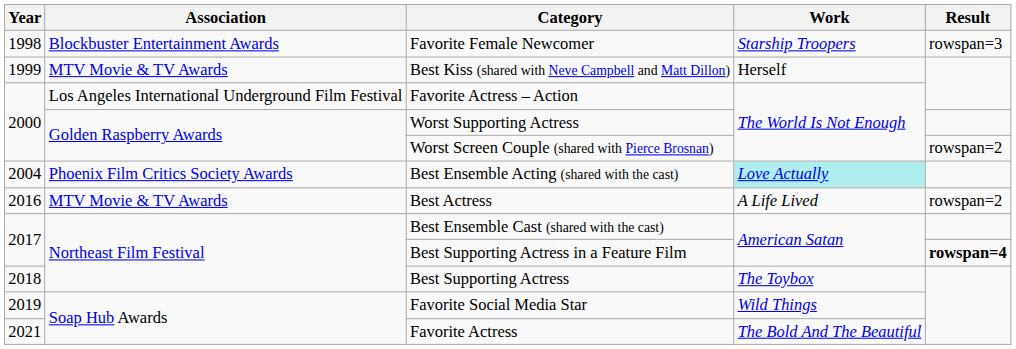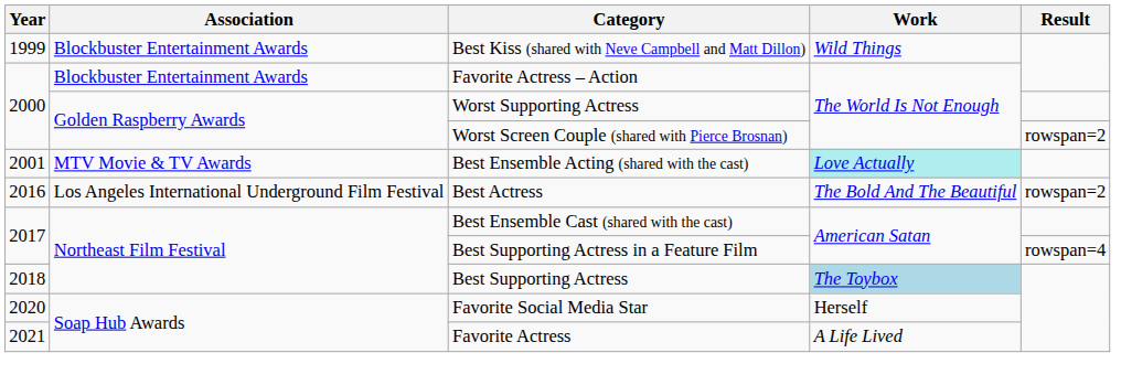 <table class="wikitable">
 <tr>
 <th>Year</th>
 <th>Association</th>
 <th>Category</th>
 <th>Work</th>
 <th>Result</th>
 </tr>
 <tr>
-<td>1998</td>
+<td>1999</td>
 <td><a href='#'>Blockbuster Entertainment Awards</a></td>
-<td>Favorite Female Newcomer</td>
-<td><em><a href='#'>Starship Troopers</a></em></td>
-<td>rowspan=3 </td>
-</tr>
-<tr>
-<td>1999</td>
-<td><a href='#'>MTV Movie & TV Awards</a></td>
 <td>Best Kiss <small>(shared with <a href='#'>Neve Campbell</a> and <a href='#'>Matt Dillon</a>)</small></td>
-<td>Herself</td>
+<td><em><a href='#'>Wild Things</a></em></td>
 </tr>
 <tr>
 <td rowspan=3>2000</td>
-<td>Los Angeles International Underground Film Festival</td>
+<td><a href='#'>Blockbuster Entertainment Awards</a></td>
 <td>Favorite Actress – Action</td>
 <td rowspan=3><em><a href='#'>The World Is Not Enough</a></em></td>
 </tr>
 <tr>
 <td rowspan=2><a href='#'>Golden Raspberry Awards</a></td>
 <td>Worst Supporting Actress</td>
 <td></td>
 </tr>
 <tr>
 <td>Worst Screen Couple <small>(shared with <a href='#'>Pierce Brosnan</a>)</small></td>
 <td>rowspan=2 </td>
 </tr>
 <tr>
-<td>2004</td>
-<td><a href='#'>Phoenix Film Critics Society Awards</a></td>
+<td>2001</td>
+<td><a href='#'>MTV Movie & TV Awards</a></td>
 <td>Best Ensemble Acting <small>(shared with the cast)</small></td>
 <td style="background: paleturquoise;"><em><a href='#'>Love Actually</a></em></td>
 </tr>
 <tr>
 <td>2016</td>
-<td><a href='#'>MTV Movie & TV Awards</a></td>
+<td>Los Angeles International Underground Film Festival</td>
 <td>Best Actress</td>
-<td><em>A Life Lived</em></td>
+<td><em><a href='#'>The Bold And The Beautiful</a></em></td>
 <td>rowspan=2 </td>
 </tr>
 <tr>
 <td rowspan=2>2017</td>
 <td rowspan=3><a href='#'>Northeast Film Festival</a></td>
 <td>Best Ensemble Cast <small>(shared with the cast)</small></td>
 <td rowspan=2><em><a href='#'>American Satan</a></em></td>
 </tr>
 <tr>
 <td>Best Supporting Actress in a Feature Film</td>
-<td><strong>rowspan=4 </strong></td>
+<td>rowspan=4 </td>
 </tr>
 <tr>
 <td>2018</td>
 <td>Best Supporting Actress</td>
-<td><em><a href='#'>The Toybox</a></em></td>
+<td style="background: lightblue;"><em><a href='#'>The Toybox</a></em></td>
 </tr>
 <tr>
-<td>2019</td>
+<td>2020</td>
 <td rowspan=2><a href='#'>Soap Hub</a> Awards</td>
 <td>Favorite Social Media Star</td>
-<td><em><a href='#'>Wild Things</a></em></td>
+<td>Herself</td>
 </tr>
 <tr>
 <td>2021</td>
 <td>Favorite Actress</td>
-<td><em><a href='#'>The Bold And The Beautiful</a></em></td>
+<td><em>A Life Lived</em></td>
 </tr>
 </table>
